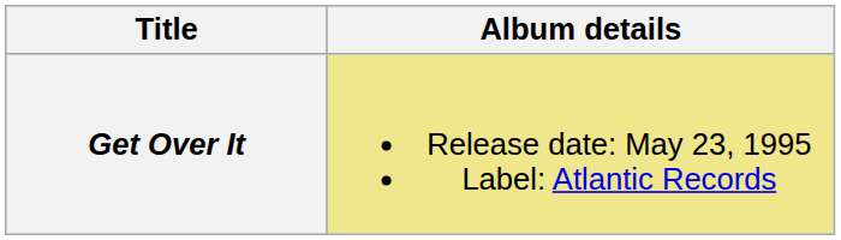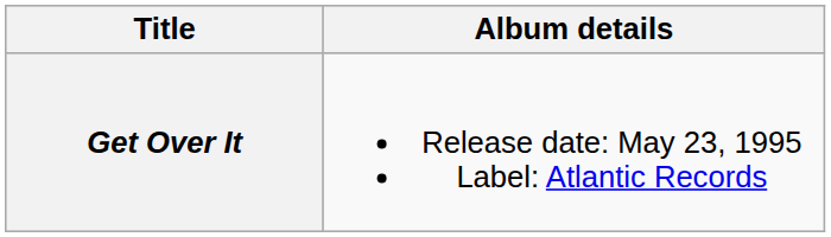 <table class="wikitable plainrowheaders" style="text-align:center;">
 <tr>
 <th style="width:10em;">Title</th>
 <th style="width:16em;">Album details</th>
 </tr>
 <tr>
 <th scope="row"><em>Get Over It</em></th>
-<td style="background: khaki;"><br><ul><li>Release date: May 23, 1995</li><li>Label: <a href='#'>Atlantic Records</a></li></ul></td>
+<td><br><ul><li>Release date: May 23, 1995</li><li>Label: <a href='#'>Atlantic Records</a></li></ul></td>
 </tr>
 </table>
